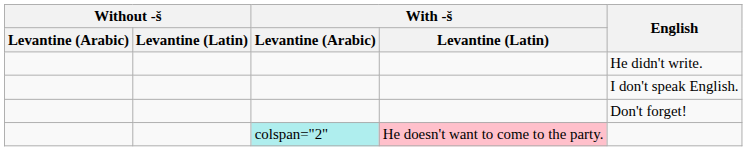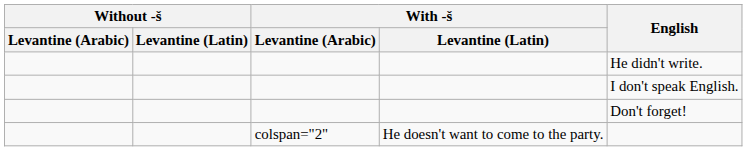 <table class="wikitable">
 <tr>
 <th colspan="2">Without -š</th>
 <th colspan="2">With -š</th>
 <th rowspan="2">English</th>
 </tr>
 <tr>
 <th>Levantine (Arabic)</th>
 <th>Levantine (Latin)</th>
 <th>Levantine (Arabic)</th>
 <th>Levantine (Latin)</th>
 </tr>
 <tr>
 <td style="text-align: right;"></td>
 <td> </td>
 <td style="text-align: right;"></td>
 <td> </td>
 <td>He didn't write.</td>
 </tr>
 <tr>
 <td style="text-align: right;"></td>
 <td> </td>
 <td style="text-align: right;"></td>
 <td>  </td>
 <td>I don't speak English.</td>
 </tr>
 <tr>
 <td style="text-align: right;"></td>
 <td> </td>
 <td style="text-align: right;"></td>
 <td> </td>
 <td>Don't forget!</td>
 </tr>
 <tr>
 <td style="text-align: right;"></td>
 <td> </td>
-<td style="background: paleturquoise;">colspan="2" </td>
-<td style="background: pink;">He doesn't want to come to the party.</td>
+<td>colspan="2" </td>
+<td>He doesn't want to come to the party.</td>
 </tr>
 </table>
